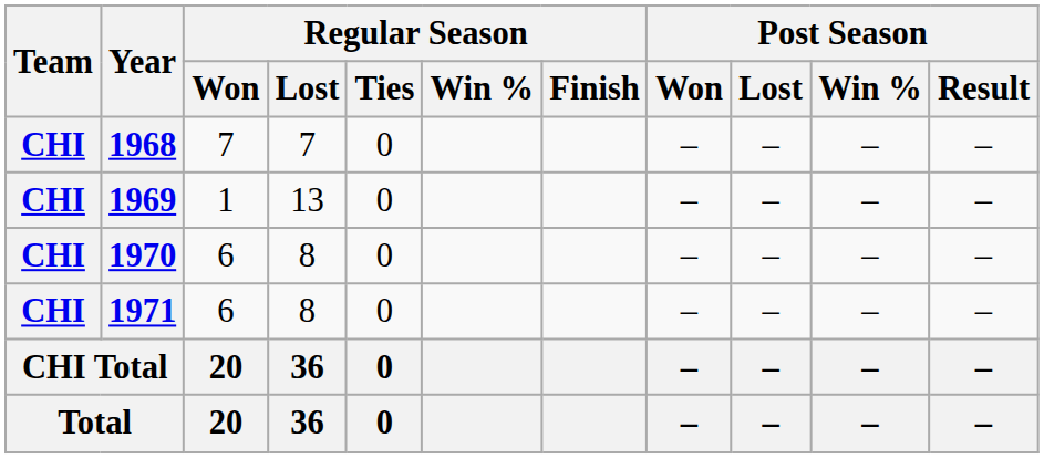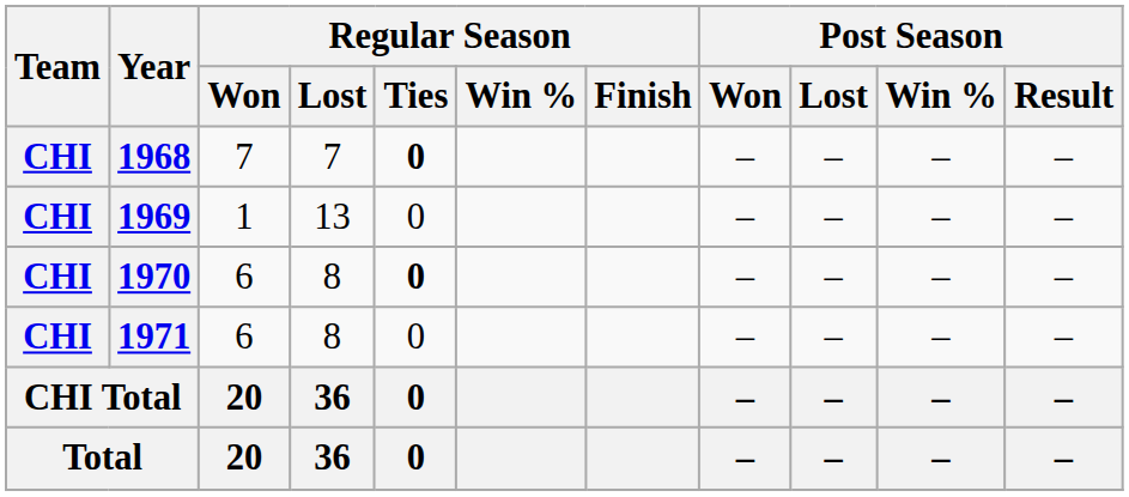 <table class="wikitable" style="font-size: 95%; text-align:center;">
 <tr>
 <th rowspan="2">Team</th>
 <th rowspan="2">Year</th>
 <th colspan="5">Regular Season</th>
 <th colspan="4">Post Season</th>
 </tr>
 <tr>
 <th>Won</th>
 <th>Lost</th>
 <th>Ties</th>
 <th>Win %</th>
 <th>Finish</th>
 <th>Won</th>
 <th>Lost</th>
 <th>Win %</th>
 <th>Result</th>
 </tr>
 <tr>
 <th><a href='#'>CHI</a></th>
 <th><a href='#'>1968</a></th>
 <td>7</td>
 <td>7</td>
-<td>0</td>
+<td><strong>0</strong></td>
 <td></td>
 <td></td>
 <td>–</td>
 <td>–</td>
 <td>–</td>
 <td>–</td>
 </tr>
 <tr>
 <th><a href='#'>CHI</a></th>
 <th><a href='#'>1969</a></th>
 <td>1</td>
 <td>13</td>
 <td>0</td>
 <td></td>
 <td></td>
 <td>–</td>
 <td>–</td>
 <td>–</td>
 <td>–</td>
 </tr>
 <tr>
 <th><a href='#'>CHI</a></th>
 <th><a href='#'>1970</a></th>
 <td>6</td>
 <td>8</td>
-<td>0</td>
+<td><strong>0</strong></td>
 <td></td>
 <td></td>
 <td>–</td>
 <td>–</td>
 <td>–</td>
 <td>–</td>
 </tr>
 <tr>
 <th><a href='#'>CHI</a></th>
 <th><a href='#'>1971</a></th>
 <td>6</td>
 <td>8</td>
 <td>0</td>
 <td></td>
 <td></td>
 <td>–</td>
 <td>–</td>
 <td>–</td>
 <td>–</td>
 </tr>
 <tr>
 <th colspan="2">CHI Total</th>
 <th>20</th>
 <th>36</th>
 <th>0</th>
 <th></th>
 <th></th>
 <th>–</th>
 <th>–</th>
 <th>–</th>
 <th>–</th>
 </tr>
 <tr>
 <th colspan="2">Total</th>
 <th>20</th>
 <th>36</th>
 <th>0</th>
 <th></th>
 <th></th>
 <th>–</th>
 <th>–</th>
 <th>–</th>
 <th>–</th>
 </tr>
 </table>
